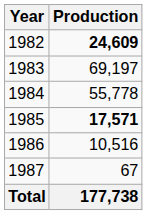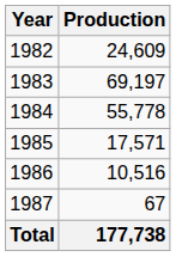 <table class="wikitable">
 <tr>
 <th>Year</th>
 <th>Production</th>
 </tr>
 <tr>
 <td>1982</td>
-<td style="text-align:right;"><strong>24,609</strong></td>
+<td style="text-align:right;">24,609</td>
 </tr>
 <tr>
 <td>1983</td>
 <td style="text-align:right;">69,197</td>
 </tr>
 <tr>
 <td>1984</td>
 <td style="text-align:right;">55,778</td>
 </tr>
 <tr>
 <td>1985</td>
-<td style="text-align:right;"><strong>17,571</strong></td>
+<td style="text-align:right;">17,571</td>
 </tr>
 <tr>
 <td>1986</td>
 <td style="text-align:right;">10,516</td>
 </tr>
 <tr>
 <td>1987</td>
 <td style="text-align:right;">67</td>
 </tr>
 <tr>
 <th>Total</th>
 <th style="text-align:right;">177,738</th>
 </tr>
 </table>
